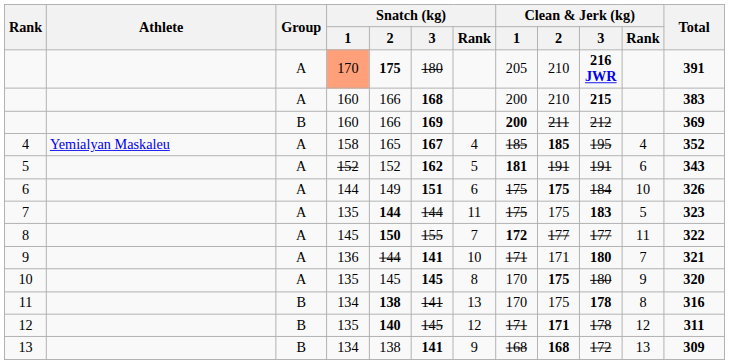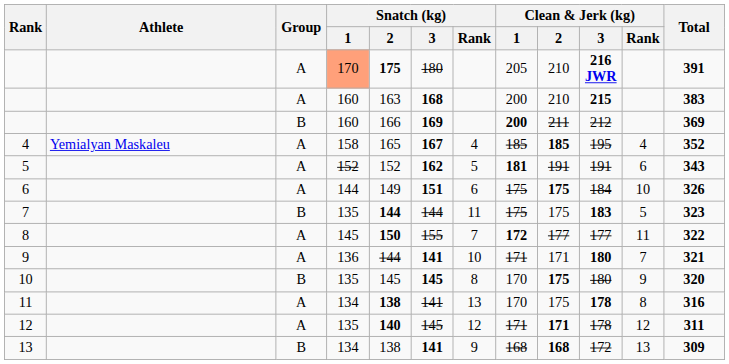 <table class = "wikitable" style="text-align:center;">
 <tr>
 <th rowspan=2 width=40>Rank</th>
 <th rowspan=2 width=250>Athlete</th>
 <th rowspan=2 width=50>Group</th>
 <th colspan=4>Snatch (kg)</th>
 <th colspan=4>Clean & Jerk (kg)</th>
 <th rowspan=2 width=60>Total</th>
 </tr>
 <tr>
 <th width=40>1</th>
 <th width=40>2</th>
 <th width=40>3</th>
 <th width=40>Rank</th>
 <th width=40>1</th>
 <th width=40>2</th>
 <th width=40>3</th>
 <th width=40>Rank</th>
 </tr>
 <tr>
 <td></td>
 <td align=left></td>
 <td>A</td>
 <td style="background: lightsalmon;">170</td>
 <td><strong>175</strong></td>
 <td><s>180</s></td>
 <td></td>
 <td>205</td>
 <td>210</td>
 <td><strong>216 <a href='#'>JWR</a></strong></td>
 <td></td>
 <td><strong>391</strong></td>
 </tr>
 <tr>
 <td></td>
 <td align=left></td>
 <td>A</td>
 <td>160</td>
-<td>166</td>
+<td>163</td>
 <td><strong>168</strong></td>
 <td></td>
 <td>200</td>
 <td>210</td>
 <td><strong>215</strong></td>
 <td></td>
 <td><strong>383</strong></td>
 </tr>
 <tr>
 <td></td>
 <td align=left></td>
 <td>B</td>
 <td>160</td>
 <td>166</td>
 <td><strong>169</strong></td>
 <td></td>
 <td><strong>200</strong></td>
 <td><s>211</s></td>
 <td><s>212</s></td>
 <td></td>
 <td><strong>369</strong></td>
 </tr>
 <tr>
 <td>4</td>
 <td align=left> <a href='#'>Yemialyan Maskaleu</a> </td>
 <td>A</td>
 <td>158</td>
 <td>165</td>
 <td><strong>167</strong></td>
 <td>4</td>
 <td><s>185</s></td>
 <td><strong>185</strong></td>
 <td><s>195</s></td>
 <td>4</td>
 <td><strong>352</strong></td>
 </tr>
 <tr>
 <td>5</td>
 <td align=left></td>
 <td>A</td>
 <td><s>152</s></td>
 <td>152</td>
 <td><strong>162</strong></td>
 <td>5</td>
 <td><strong>181</strong></td>
 <td><s>191</s></td>
 <td><s>191</s></td>
 <td>6</td>
 <td><strong>343</strong></td>
 </tr>
 <tr>
 <td>6</td>
 <td align=left></td>
 <td>A</td>
 <td>144</td>
 <td>149</td>
 <td><strong>151</strong></td>
 <td>6</td>
 <td><s>175</s></td>
 <td><strong>175</strong></td>
 <td><s>184</s></td>
 <td>10</td>
 <td><strong>326</strong></td>
 </tr>
 <tr>
 <td>7</td>
 <td align=left></td>
-<td>A</td>
+<td>B</td>
 <td>135</td>
 <td><strong>144</strong></td>
 <td><s>144</s></td>
 <td>11</td>
 <td><s>175</s></td>
 <td>175</td>
 <td><strong>183</strong></td>
 <td>5</td>
 <td><strong>323</strong></td>
 </tr>
 <tr>
 <td>8</td>
 <td align=left></td>
 <td>A</td>
 <td>145</td>
 <td><strong>150</strong></td>
 <td><s>155</s></td>
 <td>7</td>
 <td><strong>172</strong></td>
 <td><s>177</s></td>
 <td><s>177</s></td>
 <td>11</td>
 <td><strong>322</strong></td>
 </tr>
 <tr>
 <td>9</td>
 <td align=left></td>
 <td>A</td>
 <td>136</td>
 <td><s>144</s></td>
 <td><strong>141</strong></td>
 <td>10</td>
 <td><s>171</s></td>
 <td>171</td>
 <td><strong>180</strong></td>
 <td>7</td>
 <td><strong>321</strong></td>
 </tr>
 <tr>
 <td>10</td>
 <td align=left></td>
-<td>A</td>
+<td>B</td>
 <td>135</td>
 <td>145</td>
 <td><strong>145</strong></td>
 <td>8</td>
 <td>170</td>
 <td><strong>175</strong></td>
 <td><s>180</s></td>
 <td>9</td>
 <td><strong>320</strong></td>
 </tr>
 <tr>
 <td>11</td>
 <td align=left></td>
-<td>B</td>
+<td>A</td>
 <td>134</td>
 <td><strong>138</strong></td>
 <td><s>141</s></td>
 <td>13</td>
 <td>170</td>
 <td>175</td>
 <td><strong>178</strong></td>
 <td>8</td>
 <td><strong>316</strong></td>
 </tr>
 <tr>
 <td>12</td>
 <td align=left></td>
-<td>B</td>
+<td>A</td>
 <td>135</td>
 <td><strong>140</strong></td>
 <td><s>145</s></td>
 <td>12</td>
 <td><s>171</s></td>
 <td><strong>171</strong></td>
 <td><s>178</s></td>
 <td>12</td>
 <td><strong>311</strong></td>
 </tr>
 <tr>
 <td>13</td>
 <td align=left></td>
 <td>B</td>
 <td>134</td>
 <td>138</td>
 <td><strong>141</strong></td>
 <td>9</td>
 <td><s>168</s></td>
 <td><strong>168</strong></td>
 <td><s>172</s></td>
 <td>13</td>
 <td><strong>309</strong></td>
 </tr>
 </table>
